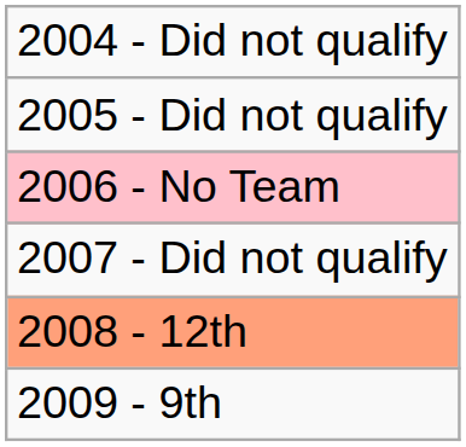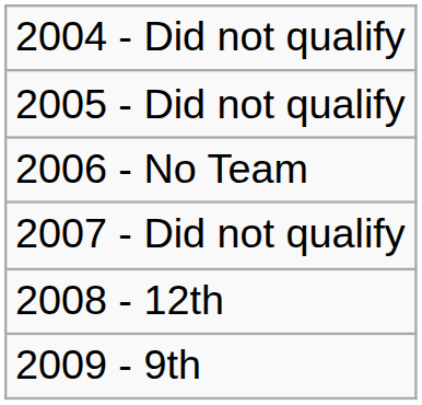 <table class="wikitable">
 <tr>
 <td>2004 - Did not qualify</td>
 </tr>
 <tr>
 <td>2005 - Did not qualify</td>
 </tr>
 <tr>
-<td style="background: pink;">2006 - No Team</td>
+<td>2006 - No Team</td>
 </tr>
 <tr>
 <td>2007 - Did not qualify</td>
 </tr>
 <tr>
-<td style="background: lightsalmon;">2008 - 12th</td>
+<td>2008 - 12th</td>
 </tr>
 <tr>
 <td>2009 - 9th</td>
 </tr>
 </table>
